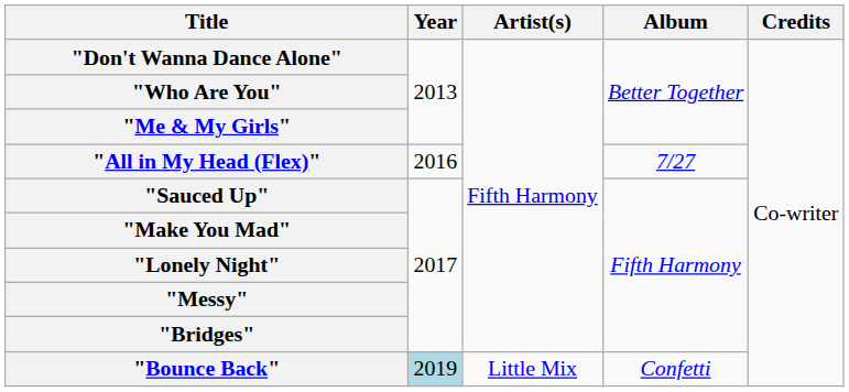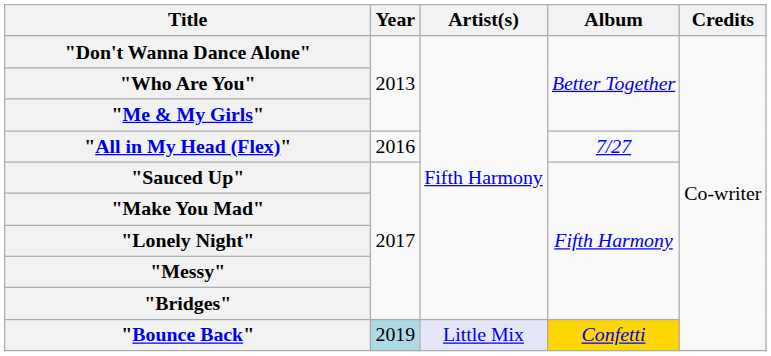 <table class="wikitable plainrowheaders" style="text-align:center;">
 <tr>
 <th scope="col" style="width:18em;">Title</th>
 <th scope="col" style="width:1em;">Year</th>
 <th scope="col">Artist(s)</th>
 <th scope="col">Album</th>
 <th scope="col">Credits</th>
 </tr>
 <tr>
 <th scope="row">"Don't Wanna Dance Alone"</th>
 <td rowspan="3" "3">2013</td>
 <td rowspan="9" "3"><a href='#'>Fifth Harmony</a></td>
 <td rowspan="3" "3"><em><a href='#'>Better Together</a></em></td>
 <td rowspan="10">Co-writer</td>
 </tr>
 <tr>
 <th scope="row">"Who Are You"</th>
 </tr>
 <tr>
 <th scope="row">"<a href='#'>Me & My Girls</a>"</th>
 </tr>
 <tr>
 <th scope="row">"<a href='#'>All in My Head (Flex)</a>"</th>
 <td>2016</td>
 <td><em><a href='#'>7/27</a></em></td>
 </tr>
 <tr>
 <th scope="row">"Sauced Up"</th>
 <td rowspan="5">2017</td>
 <td rowspan="5"><em><a href='#'>Fifth Harmony</a></em></td>
 </tr>
 <tr>
 <th scope="row">"Make You Mad"</th>
 </tr>
 <tr>
 <th scope="row">"Lonely Night"</th>
 </tr>
 <tr>
 <th scope="row">"Messy"</th>
 </tr>
 <tr>
 <th scope="row">"Bridges"</th>
 </tr>
 <tr>
 <th scope="row">"<a href='#'>Bounce Back</a>"</th>
 <td style="background: lightblue;">2019</td>
-<td><a href='#'>Little Mix</a></td>
-<td><em><a href='#'>Confetti</a></em><br></td>
+<td style="background: lavender;"><a href='#'>Little Mix</a></td>
+<td style="background: gold;"><em><a href='#'>Confetti</a></em><br></td>
 </tr>
 </table>
